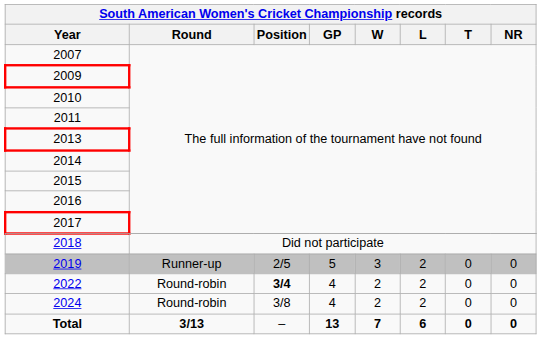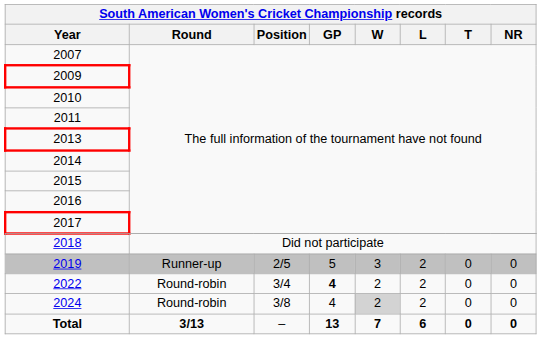 <table class="wikitable" style="text-align: center; width=900px;">
 <tr>
 <th colspan=9><a href='#'>South American Women's Cricket Championship</a> records</th>
 </tr>
 <tr>
 <th width=150>Year</th>
 <th width=150>Round</th>
 <th width=50>Position</th>
 <th width=50>GP</th>
 <th width=50>W</th>
 <th width=50>L</th>
 <th width=50>T</th>
 <th width=50>NR</th>
 </tr>
 <tr>
 <td> 2007</td>
 <td colspan=8 rowspan=9>The full information of the tournament have not found</td>
 </tr>
 <tr>
 <td style="border: 3px solid red"> 2009</td>
 </tr>
 <tr>
 <td> 2010</td>
 </tr>
 <tr>
 <td> 2011</td>
 </tr>
 <tr>
 <td style="border: 3px solid red"> 2013</td>
 </tr>
 <tr>
 <td> 2014</td>
 </tr>
 <tr>
 <td> 2015</td>
 </tr>
 <tr>
 <td> 2016</td>
 </tr>
 <tr>
 <td style="border: 3px solid red"> 2017</td>
 </tr>
 <tr>
 </tr>
 <tr>
 <td> <a href='#'>2018</a></td>
 <td colspan=8>Did not participate</td>
 </tr>
 <tr bgcolor=silver>
 <td> <a href='#'>2019</a></td>
 <td>Runner-up</td>
 <td>2/5</td>
 <td>5</td>
 <td>3</td>
 <td>2</td>
 <td>0</td>
 <td>0</td>
 </tr>
 <tr>
 <td> <a href='#'>2022</a></td>
 <td>Round-robin</td>
-<td><strong>3/4</strong></td>
-<td>4</td>
+<td>3/4</td>
+<td><strong>4</strong></td>
 <td>2</td>
 <td>2</td>
 <td>0</td>
 <td>0</td>
 </tr>
 <tr>
 <td> <a href='#'>2024</a></td>
 <td>Round-robin</td>
 <td>3/8</td>
 <td>4</td>
-<td>2</td>
+<td style="background: lightgrey;">2</td>
 <td>2</td>
 <td>0</td>
 <td>0</td>
 </tr>
 <tr>
 <td><strong>Total</strong></td>
 <td><strong>3/13</strong></td>
 <td>–</td>
 <td><strong>13</strong></td>
 <td><strong>7</strong></td>
 <td><strong>6</strong></td>
 <td><strong>0</strong></td>
 <td><strong>0</strong></td>
 </tr>
 </table>
